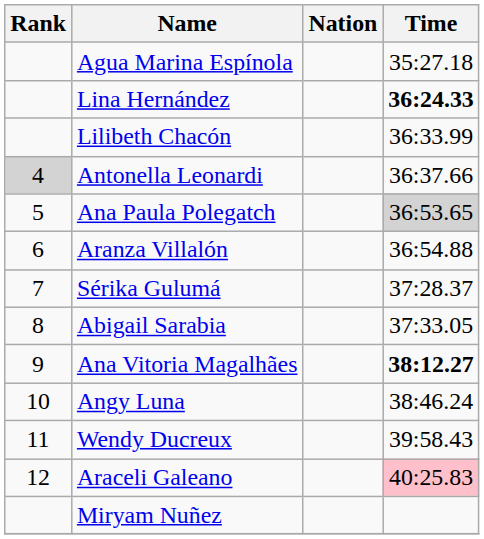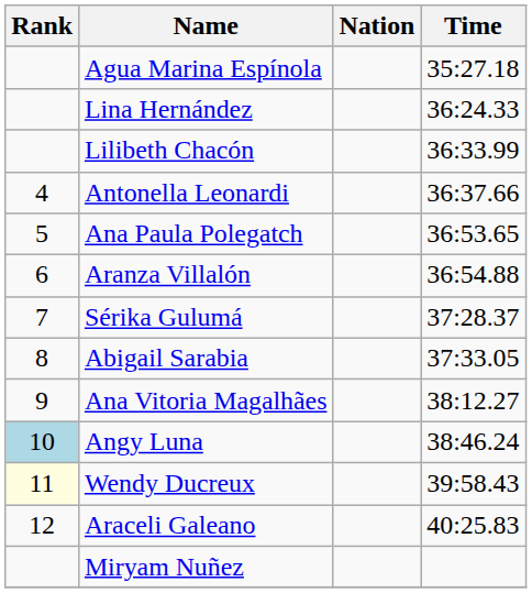 <table class="wikitable" style="text-align:center">
 <tr>
 <th>Rank</th>
 <th>Name</th>
 <th>Nation</th>
 <th>Time</th>
 </tr>
 <tr>
 <td></td>
 <td align=left><a href='#'>Agua Marina Espínola</a></td>
 <td align=left></td>
 <td>35:27.18</td>
 </tr>
 <tr>
 <td></td>
 <td align=left><a href='#'>Lina Hernández</a></td>
 <td align=left></td>
-<td><strong>36:24.33</strong></td>
+<td>36:24.33</td>
 </tr>
 <tr>
 <td></td>
 <td align=left><a href='#'>Lilibeth Chacón</a></td>
 <td align=left></td>
 <td>36:33.99</td>
 </tr>
 <tr>
-<td style="background: lightgrey;">4</td>
+<td>4</td>
 <td align=left><a href='#'>Antonella Leonardi</a></td>
 <td align=left></td>
 <td>36:37.66</td>
 </tr>
 <tr>
 <td>5</td>
 <td align=left><a href='#'>Ana Paula Polegatch</a></td>
 <td align=left></td>
-<td style="background: lightgrey;">36:53.65</td>
+<td>36:53.65</td>
 </tr>
 <tr>
 <td>6</td>
 <td align=left><a href='#'>Aranza Villalón</a></td>
 <td align=left></td>
 <td>36:54.88</td>
 </tr>
 <tr>
 <td>7</td>
 <td align=left><a href='#'>Sérika Gulumá</a></td>
 <td align=left></td>
 <td>37:28.37</td>
 </tr>
 <tr>
 <td>8</td>
 <td align=left><a href='#'>Abigail Sarabia</a></td>
 <td align=left></td>
 <td>37:33.05</td>
 </tr>
 <tr>
 <td>9</td>
 <td align=left><a href='#'>Ana Vitoria Magalhães</a></td>
 <td align=left></td>
-<td><strong>38:12.27</strong></td>
+<td>38:12.27</td>
 </tr>
 <tr>
-<td>10</td>
+<td style="background: lightblue;">10</td>
 <td align=left><a href='#'>Angy Luna</a></td>
 <td align=left></td>
 <td>38:46.24</td>
 </tr>
 <tr>
-<td>11</td>
+<td style="background: lightyellow;">11</td>
 <td align=left><a href='#'>Wendy Ducreux</a></td>
 <td align=left></td>
 <td>39:58.43</td>
 </tr>
 <tr>
 <td>12</td>
 <td align=left><a href='#'>Araceli Galeano</a></td>
 <td align=left></td>
-<td style="background: pink;">40:25.83</td>
+<td>40:25.83</td>
 </tr>
 <tr>
 <td></td>
 <td align=left><a href='#'>Miryam Nuñez</a></td>
 <td align=left></td>
 <td></td>
 </tr>
 <tr>
 </tr>
 </table>
